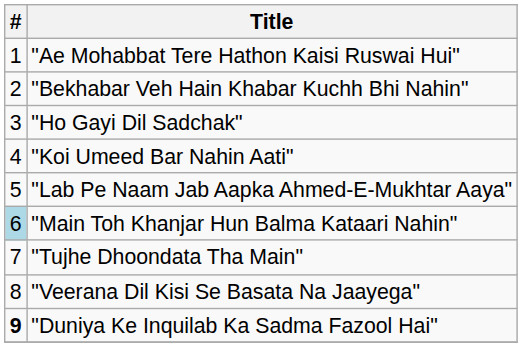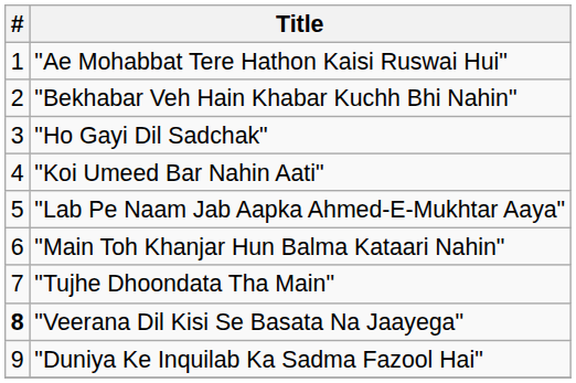 <table class="wikitable" style="font-size:95%;">
 <tr>
 <th>#</th>
 <th>Title</th>
 </tr>
 <tr>
 <td>1</td>
 <td>"Ae Mohabbat Tere Hathon Kaisi Ruswai Hui"</td>
 </tr>
 <tr>
 <td>2</td>
 <td>"Bekhabar Veh Hain Khabar Kuchh Bhi Nahin"</td>
 </tr>
 <tr>
 <td>3</td>
 <td>"Ho Gayi Dil Sadchak"</td>
 </tr>
 <tr>
 <td>4</td>
 <td>"Koi Umeed Bar Nahin Aati"</td>
 </tr>
 <tr>
 <td>5</td>
 <td>"Lab Pe Naam Jab Aapka Ahmed-E-Mukhtar Aaya"</td>
 </tr>
 <tr>
-<td style="background: lightblue;">6</td>
+<td>6</td>
 <td>"Main Toh Khanjar Hun Balma Kataari Nahin"</td>
 </tr>
 <tr>
 <td>7</td>
 <td>"Tujhe Dhoondata Tha Main"</td>
 </tr>
 <tr>
-<td>8</td>
+<td><strong>8</strong></td>
 <td>"Veerana Dil Kisi Se Basata Na Jaayega"</td>
 </tr>
 <tr>
-<td><strong>9</strong></td>
+<td>9</td>
 <td>"Duniya Ke Inquilab Ka Sadma Fazool Hai"</td>
 </tr>
 <tr>
 </tr>
 </table>
